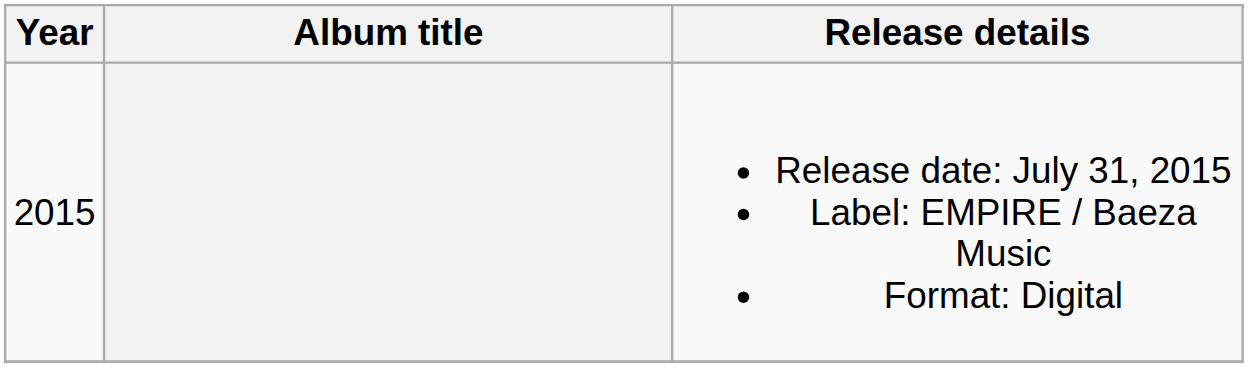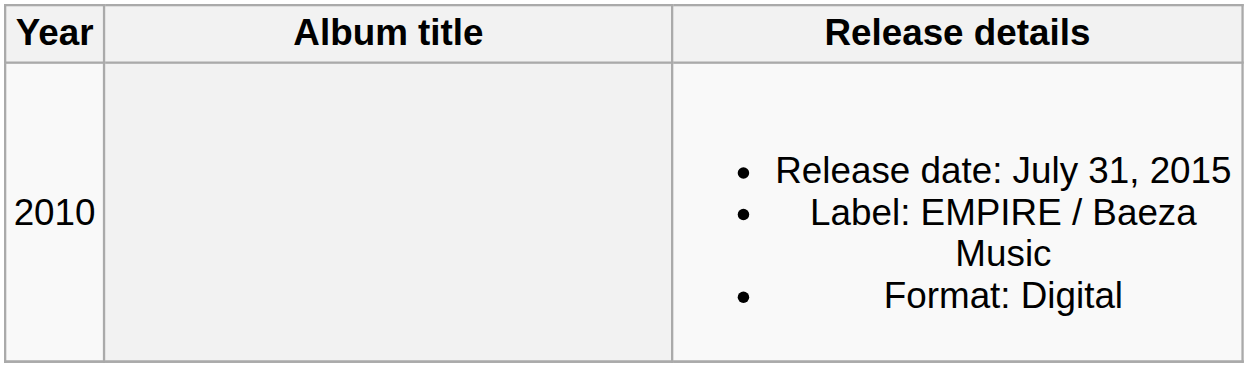 <table class="wikitable plainrowheaders" style="text-align:center;">
 <tr>
 <th>Year</th>
 <th scope="col" rowspan="1" style="width:15em;">Album title</th>
 <th scope="col" rowspan="1" style="width:15em;">Release details</th>
 </tr>
 <tr>
-<td>2015</td>
+<td>2010</td>
 <th></th>
 <td><br><ul><li>Release date: July 31, 2015</li><li>Label: EMPIRE / Baeza Music</li><li>Format: Digital</li></ul></td>
 </tr>
 <tr>
 </tr>
 </table>
